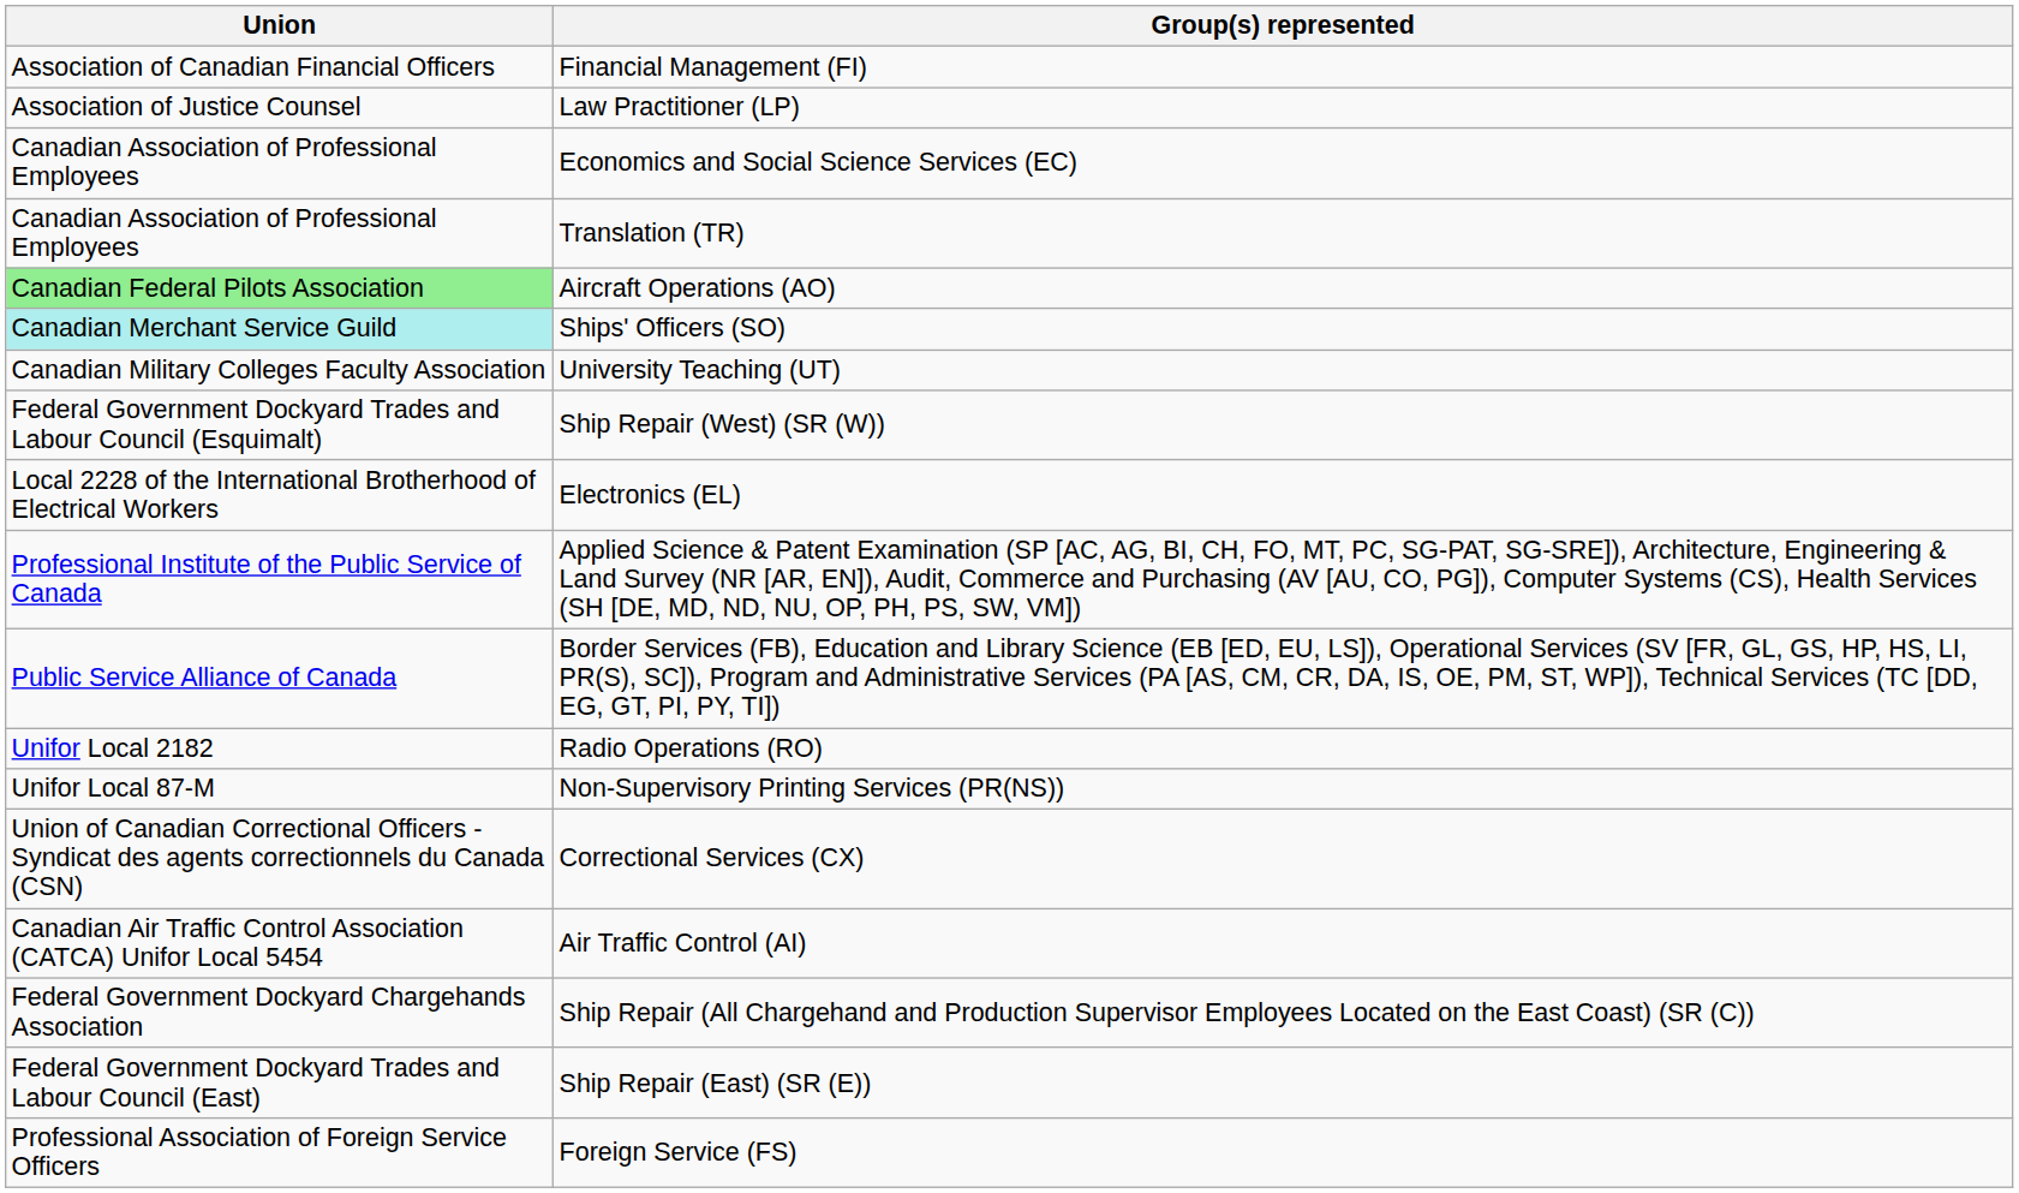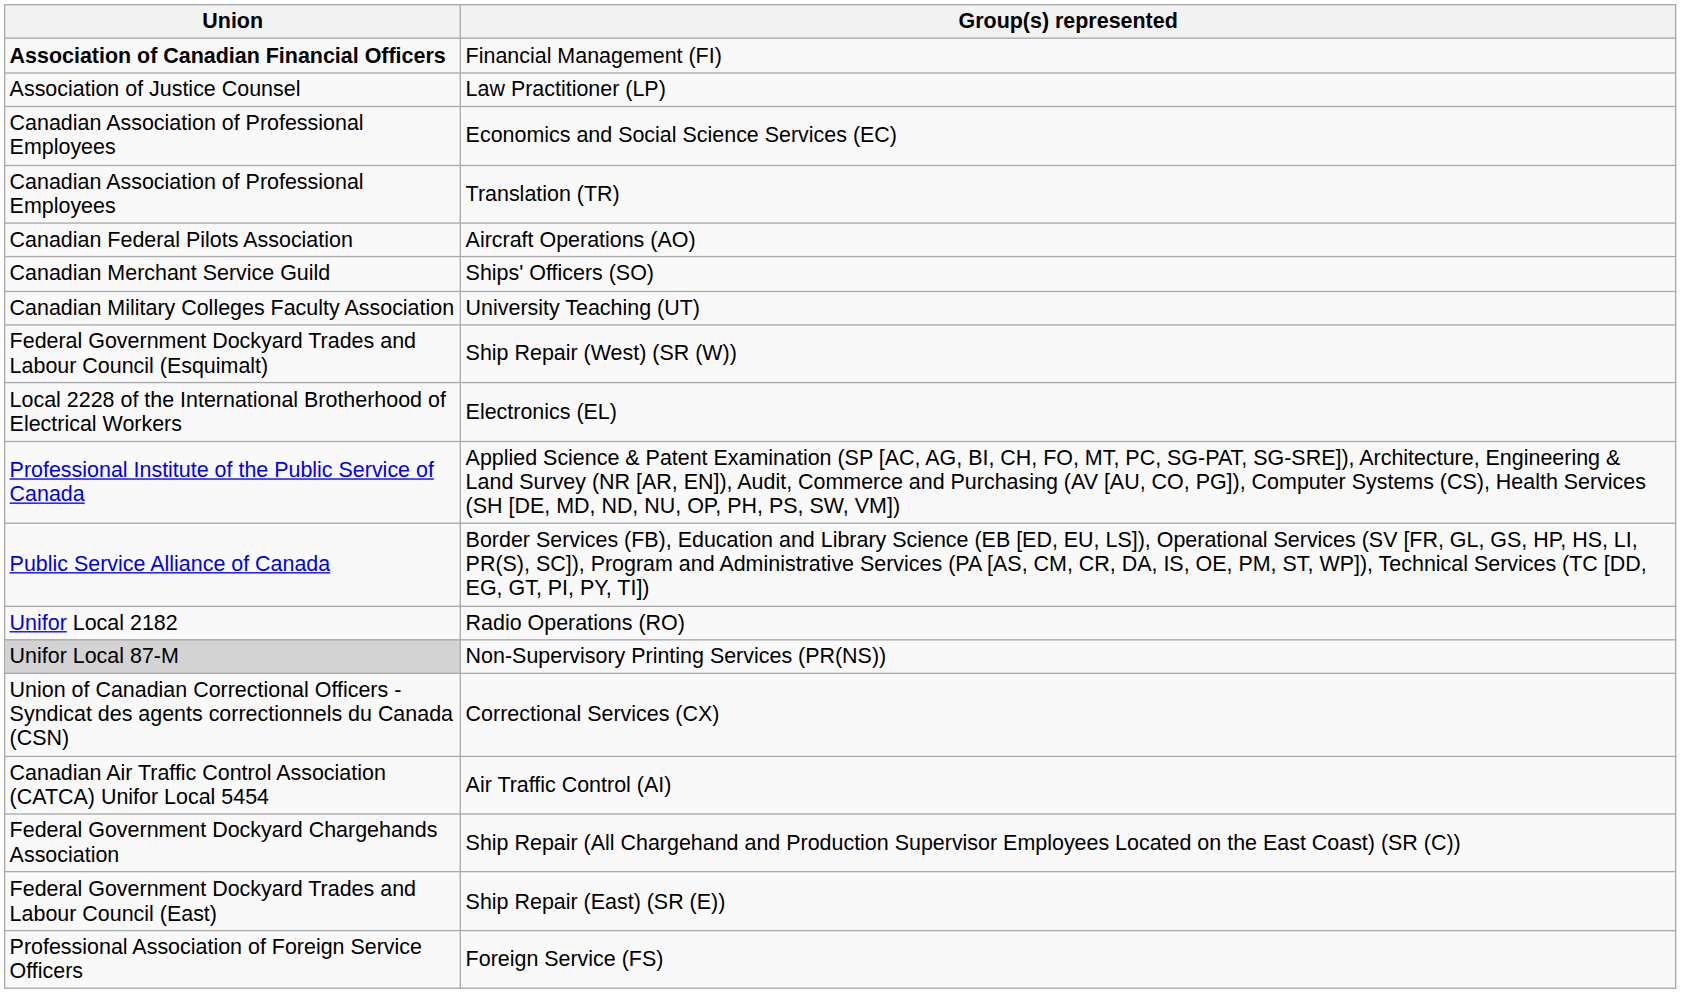 <table class="wikitable sortable mw-collapsible mw-collapsed">
 <tr>
 <th>Union</th>
 <th>Group(s) represented</th>
 </tr>
 <tr>
-<td>Association of Canadian Financial Officers</td>
+<td><strong>Association of Canadian Financial Officers</strong></td>
 <td>Financial Management (FI)</td>
 </tr>
 <tr>
 <td>Association of Justice Counsel</td>
 <td>Law Practitioner (LP)</td>
 </tr>
 <tr>
 <td>Canadian Association of Professional Employees</td>
 <td>Economics and Social Science Services (EC)</td>
 </tr>
 <tr>
 <td>Canadian Association of Professional Employees</td>
 <td>Translation (TR)</td>
 </tr>
 <tr>
-<td style="background: lightgreen;">Canadian Federal Pilots Association</td>
+<td>Canadian Federal Pilots Association</td>
 <td>Aircraft Operations (AO)</td>
 </tr>
 <tr>
-<td style="background: paleturquoise;">Canadian Merchant Service Guild</td>
+<td>Canadian Merchant Service Guild</td>
 <td>Ships' Officers (SO)</td>
 </tr>
 <tr>
 <td>Canadian Military Colleges Faculty Association</td>
 <td>University Teaching (UT)</td>
 </tr>
 <tr>
 <td>Federal Government Dockyard Trades and Labour Council (Esquimalt)</td>
 <td>Ship Repair (West) (SR (W))</td>
 </tr>
 <tr>
 <td>Local 2228 of the International Brotherhood of Electrical Workers</td>
 <td>Electronics (EL)</td>
 </tr>
 <tr>
 <td><a href='#'>Professional Institute of the Public Service of Canada</a></td>
 <td>Applied Science & Patent Examination (SP [AC, AG, BI, CH, FO, MT, PC, SG-PAT, SG-SRE]), Architecture, Engineering & Land Survey (NR [AR, EN]), Audit, Commerce and Purchasing (AV [AU, CO, PG]), Computer Systems (CS), Health Services (SH [DE, MD, ND, NU, OP, PH, PS, SW, VM])</td>
 </tr>
 <tr>
 <td><a href='#'>Public Service Alliance of Canada</a></td>
 <td>Border Services (FB), Education and Library Science (EB [ED, EU, LS]), Operational Services (SV [FR, GL, GS, HP, HS, LI, PR(S), SC]), Program and Administrative Services (PA [AS, CM, CR, DA, IS, OE, PM, ST, WP]), Technical Services (TC [DD, EG, GT, PI, PY, TI])</td>
 </tr>
 <tr>
 <td><a href='#'>Unifor</a> Local 2182</td>
 <td>Radio Operations (RO)</td>
 </tr>
 <tr>
-<td>Unifor Local 87-M</td>
+<td style="background: lightgrey;">Unifor Local 87-M</td>
 <td>Non-Supervisory Printing Services (PR(NS))</td>
 </tr>
 <tr>
 <td>Union of Canadian Correctional Officers - Syndicat des agents correctionnels du Canada (CSN)</td>
 <td>Correctional Services (CX)</td>
 </tr>
 <tr>
 <td>Canadian Air Traffic Control Association (CATCA) Unifor Local 5454</td>
 <td>Air Traffic Control (AI)</td>
 </tr>
 <tr>
 <td>Federal Government Dockyard Chargehands Association</td>
 <td>Ship Repair (All Chargehand and Production Supervisor Employees Located on the East Coast) (SR (C))</td>
 </tr>
 <tr>
 <td>Federal Government Dockyard Trades and Labour Council (East)</td>
 <td>Ship Repair (East) (SR (E))</td>
 </tr>
 <tr>
 <td>Professional Association of Foreign Service Officers</td>
 <td>Foreign Service (FS)</td>
 </tr>
 </table>
